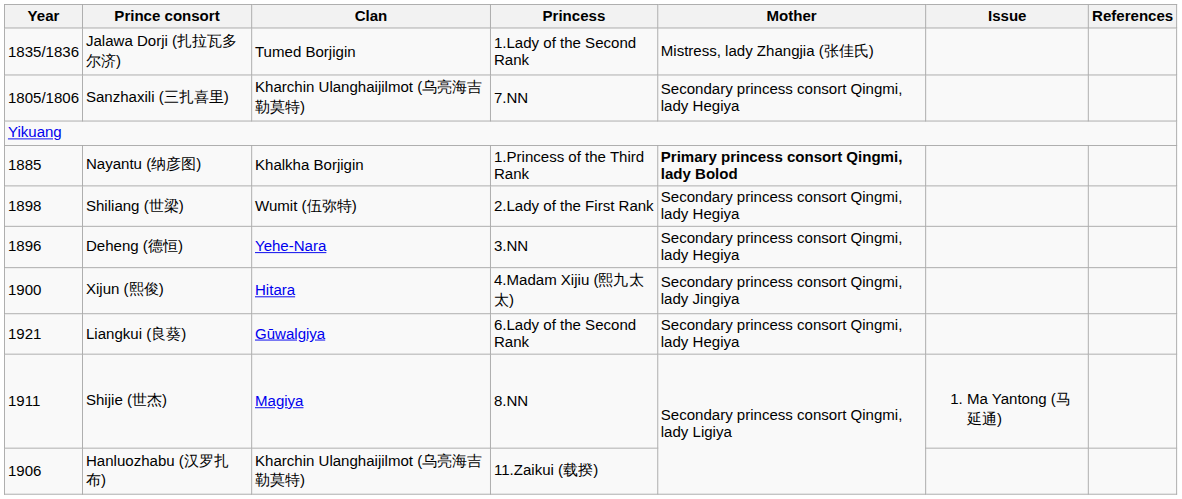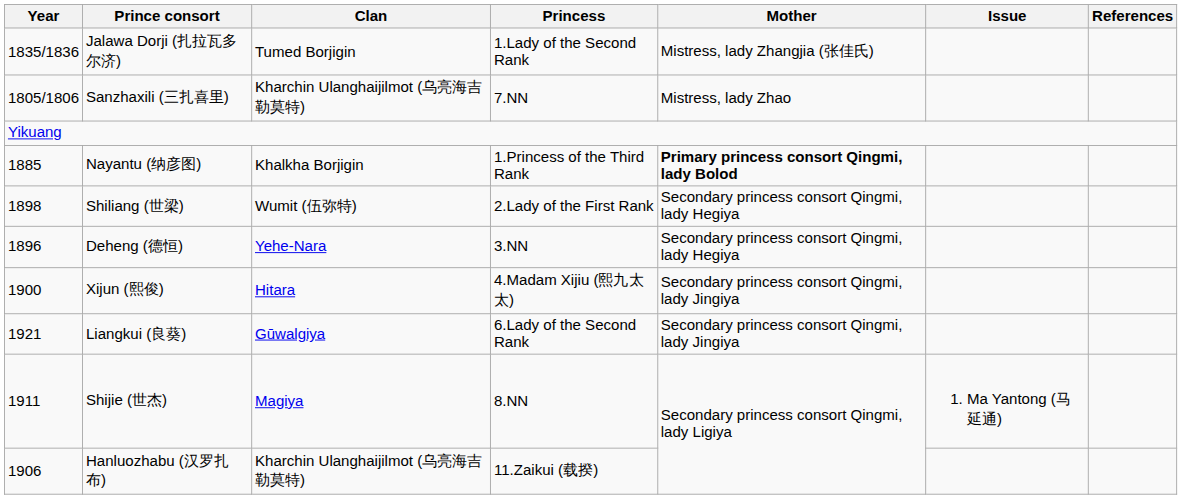 <table class="wikitable">
 <tr>
 <th>Year</th>
 <th>Prince consort</th>
 <th>Clan</th>
 <th>Princess</th>
 <th>Mother</th>
 <th>Issue</th>
 <th>References</th>
 </tr>
 <tr>
 <td>1835/1836</td>
 <td>Jalawa Dorji (扎拉瓦多尔济)</td>
 <td>Tumed Borjigin</td>
 <td>1.Lady of the Second Rank</td>
 <td>Mistress, lady Zhangjia (张佳氏)</td>
 <td></td>
 <td></td>
 </tr>
 <tr>
 <td>1805/1806</td>
 <td>Sanzhaxili (三扎喜里)</td>
 <td>Kharchin Ulanghaijilmot (乌亮海吉勒莫特)</td>
 <td>7.NN</td>
-<td>Secondary princess consort Qingmi, lady Hegiya</td>
+<td>Mistress, lady Zhao</td>
 <td></td>
 <td></td>
 </tr>
 <tr>
 <td colspan="7"><a href='#'>Yikuang</a></td>
 </tr>
 <tr>
 <td>1885</td>
 <td>Nayantu (纳彦图)</td>
 <td>Khalkha Borjigin</td>
 <td>1.Princess of the Third Rank</td>
 <td><strong>Primary princess consort Qingmi, lady Bolod</strong></td>
 <td></td>
 <td></td>
 </tr>
 <tr>
 <td>1898</td>
 <td>Shiliang (世梁)</td>
 <td>Wumit (伍弥特)</td>
 <td>2.Lady of the First Rank</td>
 <td>Secondary princess consort Qingmi, lady Hegiya</td>
 <td></td>
 <td></td>
 </tr>
 <tr>
 <td>1896</td>
 <td>Deheng (德恒)</td>
 <td><a href='#'>Yehe-Nara</a></td>
 <td>3.NN</td>
 <td>Secondary princess consort Qingmi, lady Hegiya</td>
 <td></td>
 <td></td>
 </tr>
 <tr>
 <td>1900</td>
 <td>Xijun (熙俊)</td>
 <td><a href='#'>Hitara</a></td>
 <td>4.Madam Xijiu (熙九太太)</td>
 <td>Secondary princess consort Qingmi, lady Jingiya</td>
 <td></td>
 <td></td>
 </tr>
 <tr>
 <td>1921</td>
 <td>Liangkui (良葵)</td>
 <td><a href='#'>Gūwalgiya</a></td>
 <td>6.Lady of the Second Rank</td>
-<td>Secondary princess consort Qingmi, lady Hegiya</td>
+<td>Secondary princess consort Qingmi, lady Jingiya</td>
 <td></td>
 <td></td>
 </tr>
 <tr>
 <td>1911</td>
 <td>Shijie (世杰)</td>
 <td><a href='#'>Magiya</a></td>
 <td>8.NN</td>
 <td rowspan="2">Secondary princess consort Qingmi, lady Ligiya</td>
 <td><br><ol><li>Ma Yantong (马延通)</li></ol></td>
 <td></td>
 </tr>
 <tr>
 <td>1906</td>
 <td>Hanluozhabu (汉罗扎布)</td>
 <td>Kharchin Ulanghaijilmot (乌亮海吉勒莫特)</td>
 <td>11.Zaikui  (载揆)</td>
 <td></td>
 <td></td>
 </tr>
 </table>
